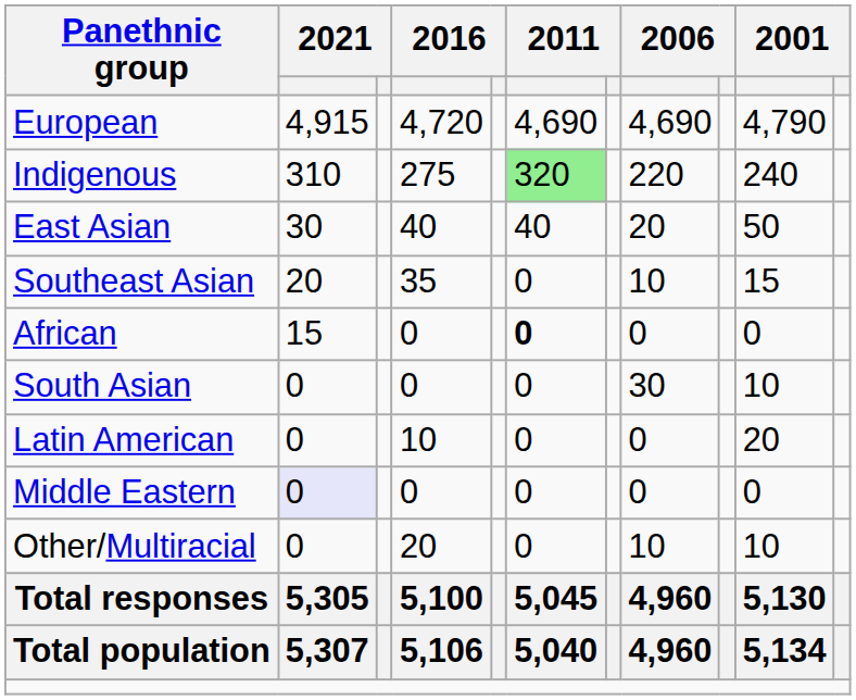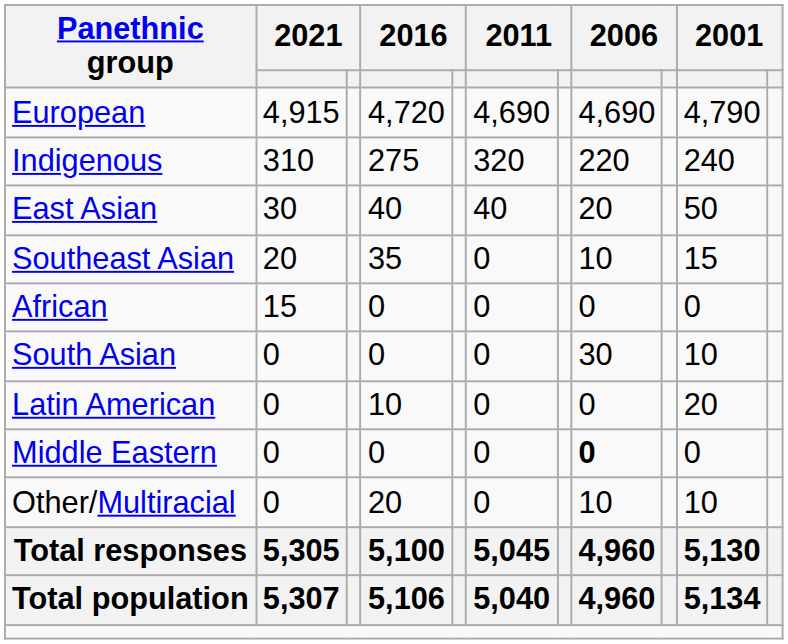 <table class="wikitable collapsible sortable">
 <tr>
 <th rowspan="2"><a href='#'>Panethnic</a><br>group</th>
 <th colspan="2">2021</th>
 <th colspan="2">2016</th>
 <th colspan="2">2011</th>
 <th colspan="2">2006</th>
 <th colspan="2">2001</th>
 </tr>
 <tr>
 <th><a href='#'></a></th>
 <th></th>
 <th></th>
 <th></th>
 <th></th>
 <th></th>
 <th></th>
 <th></th>
 <th></th>
 <th></th>
 </tr>
 <tr>
 <td><a href='#'>European</a></td>
 <td>4,915</td>
 <td></td>
 <td>4,720</td>
 <td></td>
 <td>4,690</td>
 <td></td>
 <td>4,690</td>
 <td></td>
 <td>4,790</td>
 <td></td>
 </tr>
 <tr>
 <td><a href='#'>Indigenous</a></td>
 <td>310</td>
 <td></td>
 <td>275</td>
 <td></td>
-<td style="background: lightgreen;">320</td>
+<td>320</td>
 <td></td>
 <td>220</td>
 <td></td>
 <td>240</td>
 <td></td>
 </tr>
 <tr>
 <td><a href='#'>East Asian</a></td>
 <td>30</td>
 <td></td>
 <td>40</td>
 <td></td>
 <td>40</td>
 <td></td>
 <td>20</td>
 <td></td>
 <td>50</td>
 <td></td>
 </tr>
 <tr>
 <td><a href='#'>Southeast Asian</a></td>
 <td>20</td>
 <td></td>
 <td>35</td>
 <td></td>
 <td>0</td>
 <td></td>
 <td>10</td>
 <td></td>
 <td>15</td>
 <td></td>
 </tr>
 <tr>
 <td><a href='#'>African</a></td>
 <td>15</td>
 <td></td>
 <td>0</td>
 <td></td>
-<td><strong>0</strong></td>
+<td>0</td>
 <td></td>
 <td>0</td>
 <td></td>
 <td>0</td>
 <td></td>
 </tr>
 <tr>
 <td><a href='#'>South Asian</a></td>
 <td>0</td>
 <td></td>
 <td>0</td>
 <td></td>
 <td>0</td>
 <td></td>
 <td>30</td>
 <td></td>
 <td>10</td>
 <td></td>
 </tr>
 <tr>
 <td><a href='#'>Latin American</a></td>
 <td>0</td>
 <td></td>
 <td>10</td>
 <td></td>
 <td>0</td>
 <td></td>
 <td>0</td>
 <td></td>
 <td>20</td>
 <td></td>
 </tr>
 <tr>
 <td><a href='#'>Middle Eastern</a></td>
-<td style="background: lavender;">0</td>
+<td>0</td>
 <td></td>
 <td>0</td>
 <td></td>
 <td>0</td>
 <td></td>
-<td>0</td>
+<td><strong>0</strong></td>
 <td></td>
 <td>0</td>
 <td></td>
 </tr>
 <tr>
 <td>Other/<a href='#'>Multiracial</a></td>
 <td>0</td>
 <td></td>
 <td>20</td>
 <td></td>
 <td>0</td>
 <td></td>
 <td>10</td>
 <td></td>
 <td>10</td>
 <td></td>
 </tr>
 <tr>
 <th>Total responses</th>
 <th>5,305</th>
 <th></th>
 <th>5,100</th>
 <th></th>
 <th>5,045</th>
 <th></th>
 <th>4,960</th>
 <th></th>
 <th>5,130</th>
 <th></th>
 </tr>
 <tr>
 <th>Total population</th>
 <th>5,307</th>
 <th></th>
 <th>5,106</th>
 <th></th>
 <th>5,040</th>
 <th></th>
 <th>4,960</th>
 <th></th>
 <th>5,134</th>
 <th></th>
 </tr>
 <tr class="sortbottom">
 <td colspan="15"></td>
 </tr>
 </table>
